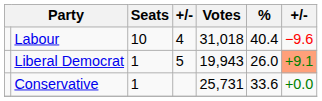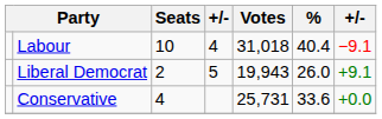 <table class="wikitable">
 <tr>
 <th colspan="2">Party</th>
 <th>Seats</th>
 <th>+/-</th>
 <th>Votes</th>
 <th>%</th>
 <th>+/-</th>
 </tr>
 <tr>
 <td style="background-color: "></td>
 <td><a href='#'>Labour</a></td>
 <td>10</td>
 <td> 4</td>
 <td>31,018</td>
 <td>40.4</td>
-<td style="color:red">−9.6</td>
+<td style="color:red">−9.1</td>
 </tr>
 <tr>
 <td style="background-color: "></td>
 <td><a href='#'>Liberal Democrat</a></td>
-<td>1</td>
+<td>2</td>
 <td> 5</td>
 <td>19,943</td>
 <td>26.0</td>
-<td style="background: lightsalmon; color:green">+9.1</td>
+<td style="color:green">+9.1</td>
 </tr>
 <tr>
 <td style="background-color: "></td>
 <td><a href='#'>Conservative</a></td>
-<td>1</td>
+<td>4</td>
 <td></td>
 <td>25,731</td>
 <td>33.6</td>
 <td style="color:green">+0.0</td>
 </tr>
 <tr>
 </tr>
 </table>
